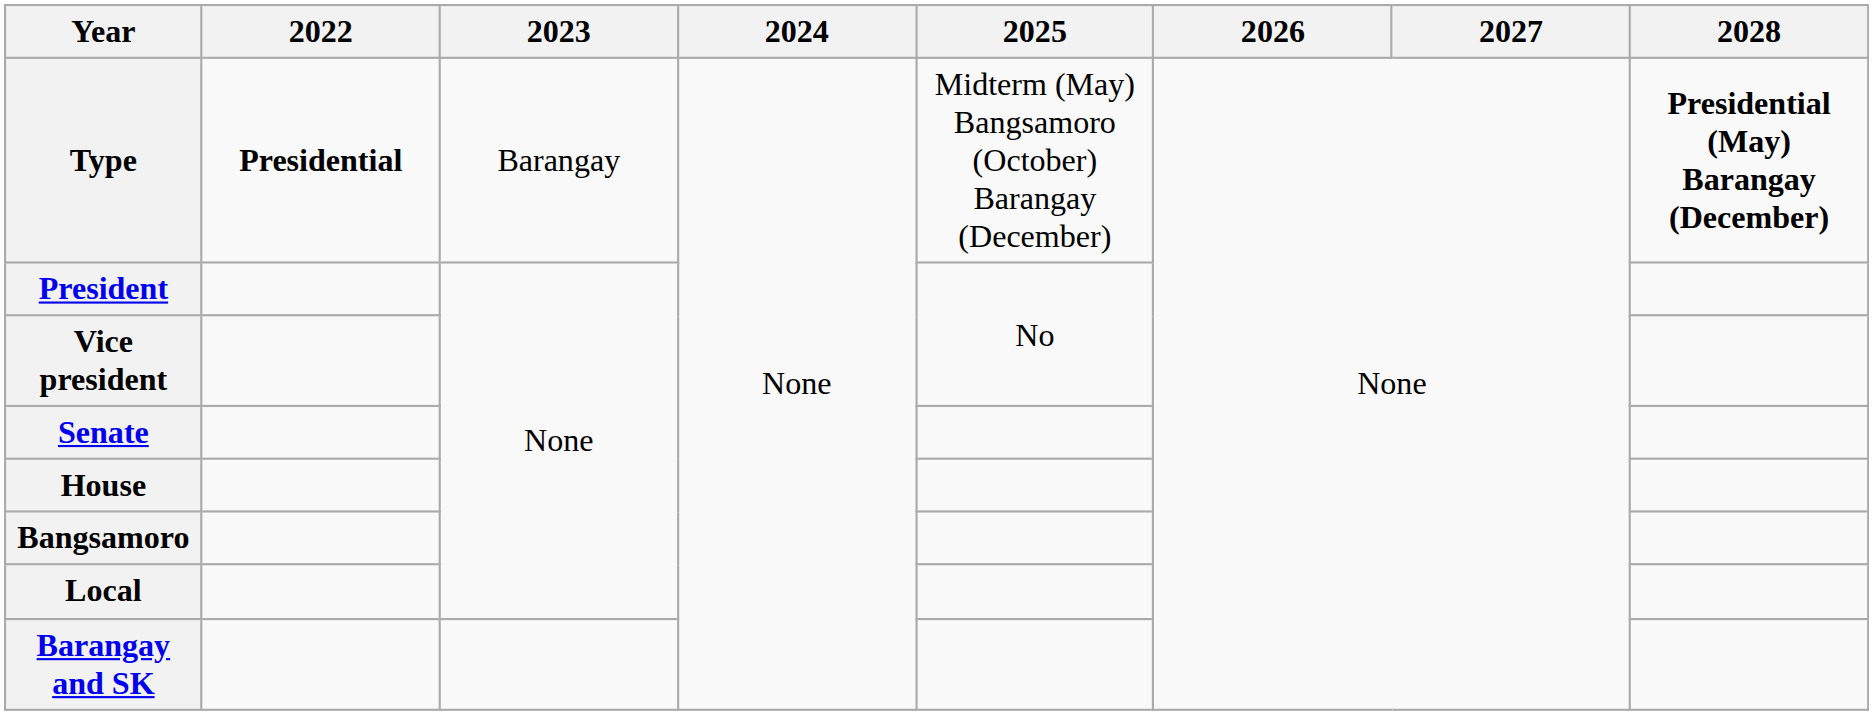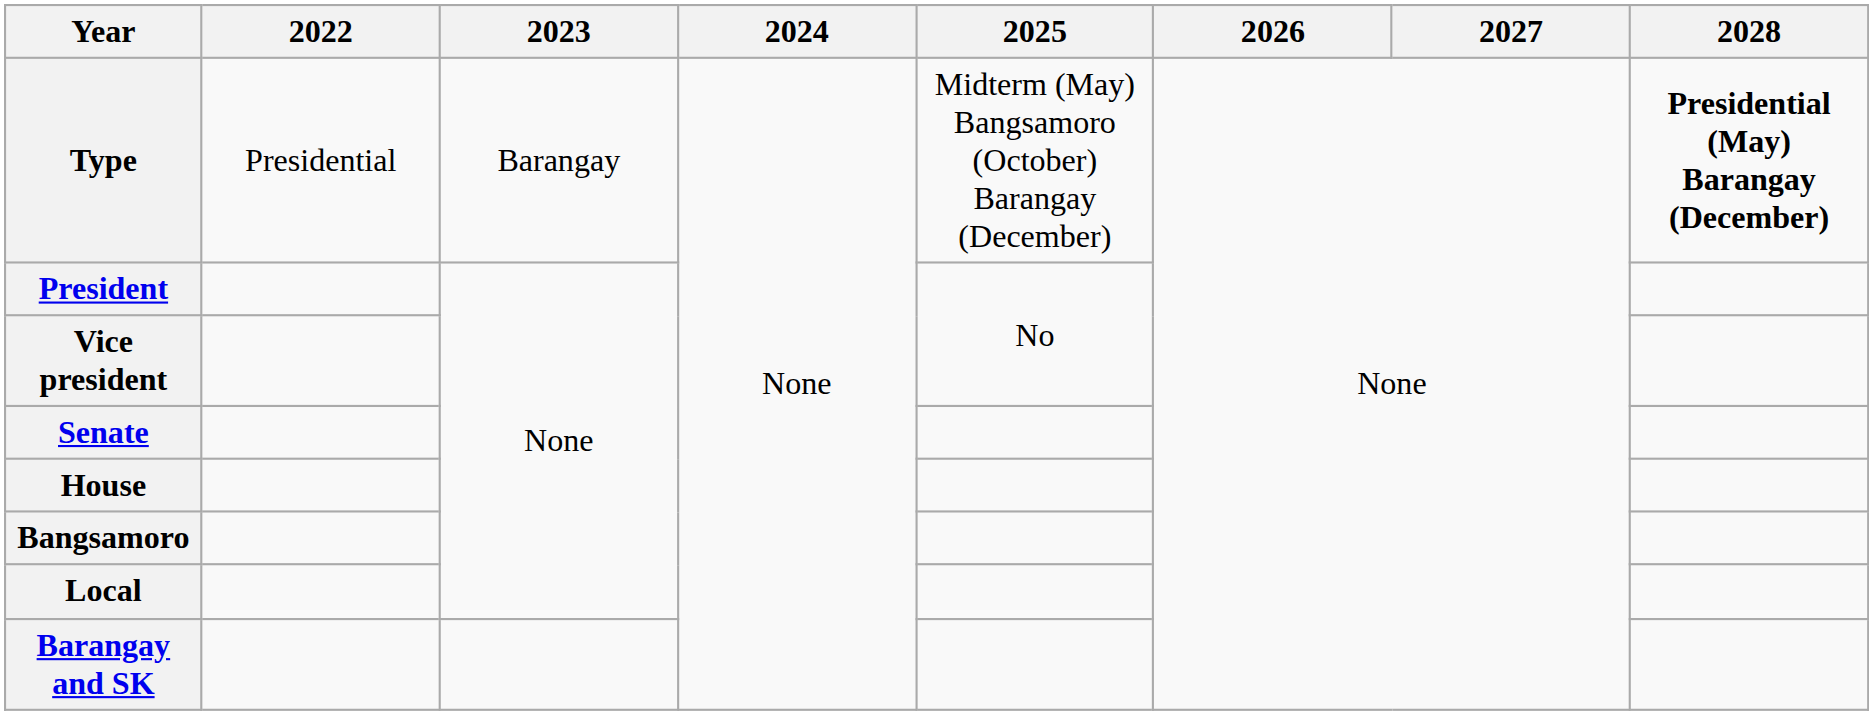 <table class="wikitable" style="font-size:95%; width:100%; margin:0 auto 15px; text-align:center;">
 <tr>
 <th width="8%">Year</th>
 <th width="12%">2022</th>
 <th width="12%">2023</th>
 <th width="12%">2024</th>
 <th width="12%">2025</th>
 <th width="12%">2026</th>
 <th width="12%">2027</th>
 <th width="12%">2028</th>
 </tr>
 <tr>
 <th>Type</th>
-<td style="align:center"><strong>Presidential</strong></td>
+<td style="align:center">Presidential</td>
 <td style="align:center">Barangay</td>
 <td rowspan="8" style="align:center">None</td>
 <td style="align:center">Midterm (May)<br>Bangsamoro (October)<br>Barangay (December)</td>
 <td colspan="2" rowspan="8" style="align:center">None</td>
 <td><strong>Presidential (May)<br>Barangay (December)</strong></td>
 </tr>
 <tr>
 <th><a href='#'>President</a></th>
 <td></td>
 <td rowspan="6" style="align:center">None</td>
 <td rowspan="2" style="align:center">No</td>
 <td></td>
 </tr>
 <tr>
 <th>Vice president</th>
 <td></td>
 <td></td>
 </tr>
 <tr>
 <th><a href='#'>Senate</a></th>
 <td></td>
 <td></td>
 <td></td>
 </tr>
 <tr>
 <th>House</th>
 <td></td>
 <td></td>
 <td></td>
 </tr>
 <tr>
 <th>Bangsamoro</th>
 <td></td>
 <td></td>
 <td></td>
 </tr>
 <tr>
 <th>Local</th>
 <td></td>
 <td></td>
 <td></td>
 </tr>
 <tr>
 <th><a href='#'>Barangay and SK</a></th>
 <td></td>
 <td></td>
 <td></td>
 <td></td>
 </tr>
 </table>
